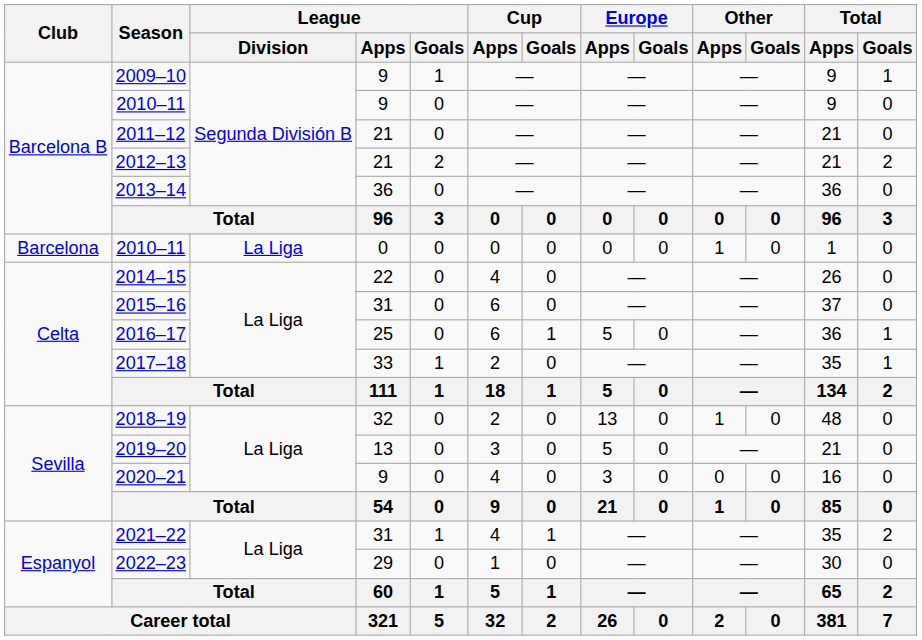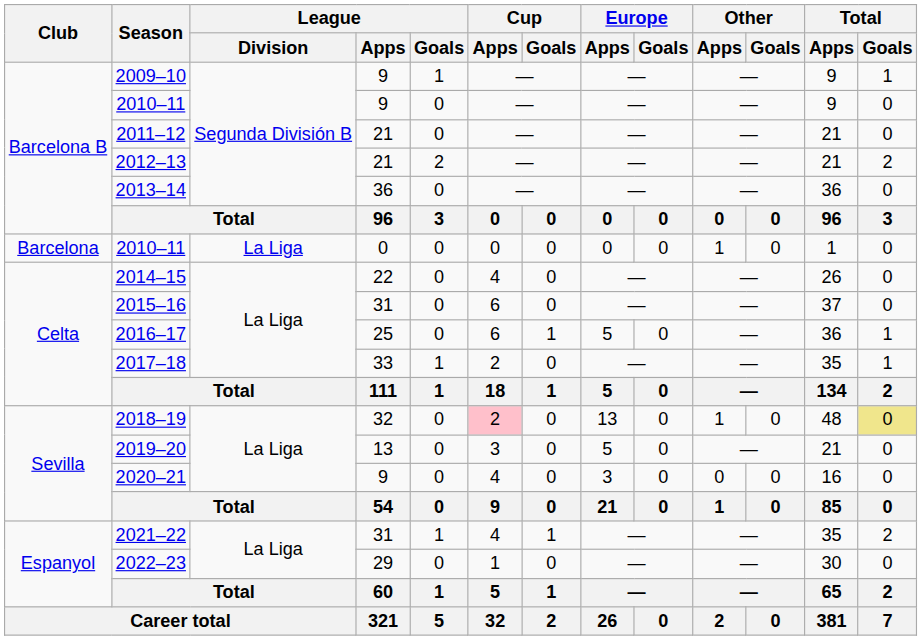 <table class="wikitable" style="text-align: center">
 <tr>
 <th rowspan="2">Club</th>
 <th rowspan="2">Season</th>
 <th colspan="3">League</th>
 <th colspan="2">Cup</th>
 <th colspan="2"><a href='#'>Europe</a></th>
 <th colspan="2">Other</th>
 <th colspan="2">Total</th>
 </tr>
 <tr>
 <th>Division</th>
 <th>Apps</th>
 <th>Goals</th>
 <th>Apps</th>
 <th>Goals</th>
 <th>Apps</th>
 <th>Goals</th>
 <th>Apps</th>
 <th>Goals</th>
 <th>Apps</th>
 <th>Goals</th>
 </tr>
 <tr>
 <td rowspan="6"><a href='#'>Barcelona B</a></td>
 <td><a href='#'>2009–10</a></td>
 <td rowspan="5"><a href='#'>Segunda División B</a></td>
 <td>9</td>
 <td>1</td>
 <td colspan="2">—</td>
 <td colspan="2">—</td>
 <td colspan="2">—</td>
 <td>9</td>
 <td>1</td>
 </tr>
 <tr>
 <td><a href='#'>2010–11</a></td>
 <td>9</td>
 <td>0</td>
 <td colspan="2">—</td>
 <td colspan="2">—</td>
 <td colspan="2">—</td>
 <td>9</td>
 <td>0</td>
 </tr>
 <tr>
 <td><a href='#'>2011–12</a></td>
 <td>21</td>
 <td>0</td>
 <td colspan="2">—</td>
 <td colspan="2">—</td>
 <td colspan="2">—</td>
 <td>21</td>
 <td>0</td>
 </tr>
 <tr>
 <td><a href='#'>2012–13</a></td>
 <td>21</td>
 <td>2</td>
 <td colspan="2">—</td>
 <td colspan="2">—</td>
 <td colspan="2">—</td>
 <td>21</td>
 <td>2</td>
 </tr>
 <tr>
 <td><a href='#'>2013–14</a></td>
 <td>36</td>
 <td>0</td>
 <td colspan="2">—</td>
 <td colspan="2">—</td>
 <td colspan="2">—</td>
 <td>36</td>
 <td>0</td>
 </tr>
 <tr>
 <th colspan="2">Total</th>
 <th>96</th>
 <th>3</th>
 <th>0</th>
 <th>0</th>
 <th>0</th>
 <th>0</th>
 <th>0</th>
 <th>0</th>
 <th>96</th>
 <th>3</th>
 </tr>
 <tr>
 <td><a href='#'>Barcelona</a></td>
 <td><a href='#'>2010–11</a></td>
 <td><a href='#'>La Liga</a></td>
 <td>0</td>
 <td>0</td>
 <td>0</td>
 <td>0</td>
 <td>0</td>
 <td>0</td>
 <td>1</td>
 <td>0</td>
 <td>1</td>
 <td>0</td>
 </tr>
 <tr>
 <td rowspan="5"><a href='#'>Celta</a></td>
 <td><a href='#'>2014–15</a></td>
 <td rowspan="4">La Liga</td>
 <td>22</td>
 <td>0</td>
 <td>4</td>
 <td>0</td>
 <td colspan="2">—</td>
 <td colspan="2">—</td>
 <td>26</td>
 <td>0</td>
 </tr>
 <tr>
 <td><a href='#'>2015–16</a></td>
 <td>31</td>
 <td>0</td>
 <td>6</td>
 <td>0</td>
 <td colspan="2">—</td>
 <td colspan="2">—</td>
 <td>37</td>
 <td>0</td>
 </tr>
 <tr>
 <td><a href='#'>2016–17</a></td>
 <td>25</td>
 <td>0</td>
 <td>6</td>
 <td>1</td>
 <td>5</td>
 <td>0</td>
 <td colspan="2">—</td>
 <td>36</td>
 <td>1</td>
 </tr>
 <tr>
 <td><a href='#'>2017–18</a></td>
 <td>33</td>
 <td>1</td>
 <td>2</td>
 <td>0</td>
 <td colspan="2">—</td>
 <td colspan="2">—</td>
 <td>35</td>
 <td>1</td>
 </tr>
 <tr>
 <th colspan="2">Total</th>
 <th>111</th>
 <th>1</th>
 <th>18</th>
 <th>1</th>
 <th>5</th>
 <th>0</th>
 <th colspan="2">—</th>
 <th>134</th>
 <th>2</th>
 </tr>
 <tr>
 <td rowspan="4"><a href='#'>Sevilla</a></td>
 <td><a href='#'>2018–19</a></td>
 <td rowspan="3">La Liga</td>
 <td>32</td>
 <td>0</td>
-<td>2</td>
+<td style="background: pink;">2</td>
 <td>0</td>
 <td>13</td>
 <td>0</td>
 <td>1</td>
 <td>0</td>
 <td>48</td>
-<td>0</td>
+<td style="background: khaki;">0</td>
 </tr>
 <tr>
 <td><a href='#'>2019–20</a></td>
 <td>13</td>
 <td>0</td>
 <td>3</td>
 <td>0</td>
 <td>5</td>
 <td>0</td>
 <td colspan="2">—</td>
 <td>21</td>
 <td>0</td>
 </tr>
 <tr>
 <td><a href='#'>2020–21</a></td>
 <td>9</td>
 <td>0</td>
 <td>4</td>
 <td>0</td>
 <td>3</td>
 <td>0</td>
 <td>0</td>
 <td>0</td>
 <td>16</td>
 <td>0</td>
 </tr>
 <tr>
 <th colspan="2">Total</th>
 <th>54</th>
 <th>0</th>
 <th>9</th>
 <th>0</th>
 <th>21</th>
 <th>0</th>
 <th>1</th>
 <th>0</th>
 <th>85</th>
 <th>0</th>
 </tr>
 <tr>
 <td rowspan="3"><a href='#'>Espanyol</a></td>
 <td><a href='#'>2021–22</a></td>
 <td rowspan="2">La Liga</td>
 <td>31</td>
 <td>1</td>
 <td>4</td>
 <td>1</td>
 <td colspan="2">—</td>
 <td colspan="2">—</td>
 <td>35</td>
 <td>2</td>
 </tr>
 <tr>
 <td><a href='#'>2022–23</a></td>
 <td>29</td>
 <td>0</td>
 <td>1</td>
 <td>0</td>
 <td colspan="2">—</td>
 <td colspan="2">—</td>
 <td>30</td>
 <td>0</td>
 </tr>
 <tr>
 <th colspan="2">Total</th>
 <th>60</th>
 <th>1</th>
 <th>5</th>
 <th>1</th>
 <th colspan="2">—</th>
 <th colspan="2">—</th>
 <th>65</th>
 <th>2</th>
 </tr>
 <tr>
 <th colspan="3">Career total</th>
 <th>321</th>
 <th>5</th>
 <th>32</th>
 <th>2</th>
 <th>26</th>
 <th>0</th>
 <th>2</th>
 <th>0</th>
 <th>381</th>
 <th>7</th>
 </tr>
 </table>
